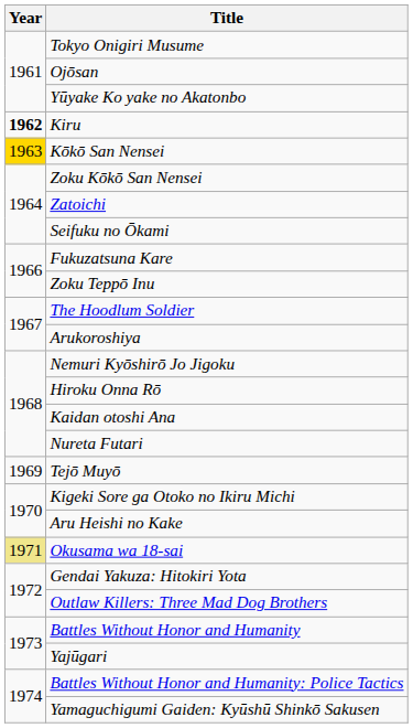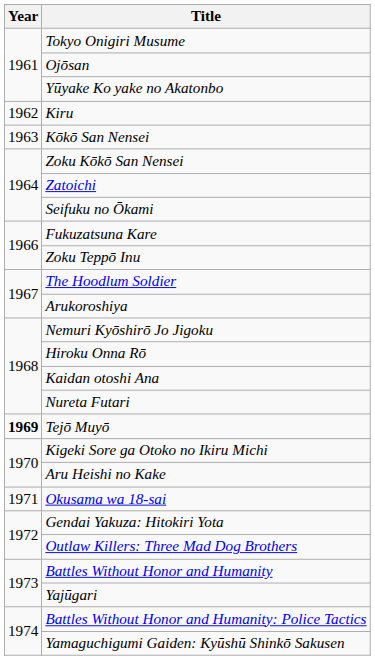 <table class="wikitable">
 <tr>
 <th>Year</th>
 <th>Title</th>
 </tr>
 <tr>
 <td rowspan="3">1961</td>
 <td><em>Tokyo Onigiri Musume</em></td>
 </tr>
 <tr>
 <td><em>Ojōsan</em></td>
 </tr>
 <tr>
 <td><em>Yūyake Ko yake no Akatonbo</em></td>
 </tr>
 <tr>
-<td><strong>1962</strong></td>
+<td>1962</td>
 <td><em>Kiru</em></td>
 </tr>
 <tr>
-<td style="background: gold;">1963</td>
+<td>1963</td>
 <td><em>Kōkō San Nensei</em></td>
 </tr>
 <tr>
 <td rowspan="3">1964</td>
 <td><em>Zoku Kōkō San Nensei</em></td>
 </tr>
 <tr>
 <td><em><a href='#'>Zatoichi</a></em></td>
 </tr>
 <tr>
 <td><em>Seifuku no Ōkami</em></td>
 </tr>
 <tr>
 <td rowspan="2">1966</td>
 <td><em>Fukuzatsuna Kare</em></td>
 </tr>
 <tr>
 <td><em>Zoku Teppō Inu</em></td>
 </tr>
 <tr>
 <td rowspan="2">1967</td>
 <td><em><a href='#'>The Hoodlum Soldier</a></em></td>
 </tr>
 <tr>
 <td><em>Arukoroshiya</em></td>
 </tr>
 <tr>
 <td rowspan="4">1968</td>
 <td><em>Nemuri Kyōshirō Jo Jigoku</em></td>
 </tr>
 <tr>
 <td><em>Hiroku Onna Rō</em></td>
 </tr>
 <tr>
 <td><em>Kaidan otoshi Ana</em></td>
 </tr>
 <tr>
 <td><em>Nureta Futari</em></td>
 </tr>
 <tr>
-<td>1969</td>
+<td><strong>1969</strong></td>
 <td><em>Tejō Muyō</em></td>
 </tr>
 <tr>
 <td rowspan="2">1970</td>
 <td><em>Kigeki Sore ga Otoko no Ikiru Michi</em></td>
 </tr>
 <tr>
 <td><em>Aru Heishi no Kake</em></td>
 </tr>
 <tr>
-<td style="background: khaki;">1971</td>
+<td>1971</td>
 <td><em><a href='#'>Okusama wa 18-sai</a></em></td>
 </tr>
 <tr>
 <td rowspan="2">1972</td>
 <td><em>Gendai Yakuza: Hitokiri Yota</em></td>
 </tr>
 <tr>
 <td><em><a href='#'>Outlaw Killers: Three Mad Dog Brothers</a></em></td>
 </tr>
 <tr>
 <td rowspan="2">1973</td>
 <td><em><a href='#'>Battles Without Honor and Humanity</a></em></td>
 </tr>
 <tr>
 <td><em>Yajūgari</em></td>
 </tr>
 <tr>
 <td rowspan="2">1974</td>
 <td><em><a href='#'>Battles Without Honor and Humanity: Police Tactics</a></em></td>
 </tr>
 <tr>
 <td><em>Yamaguchigumi Gaiden: Kyūshū Shinkō Sakusen</em></td>
 </tr>
 </table>
